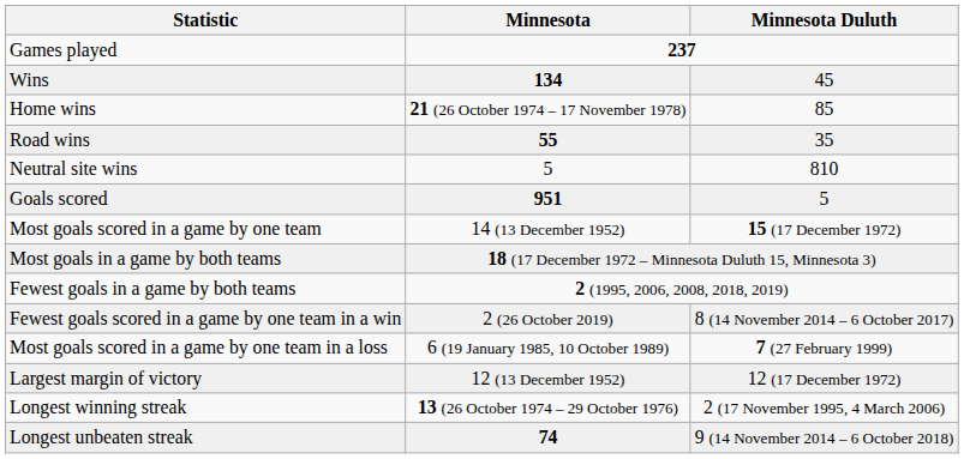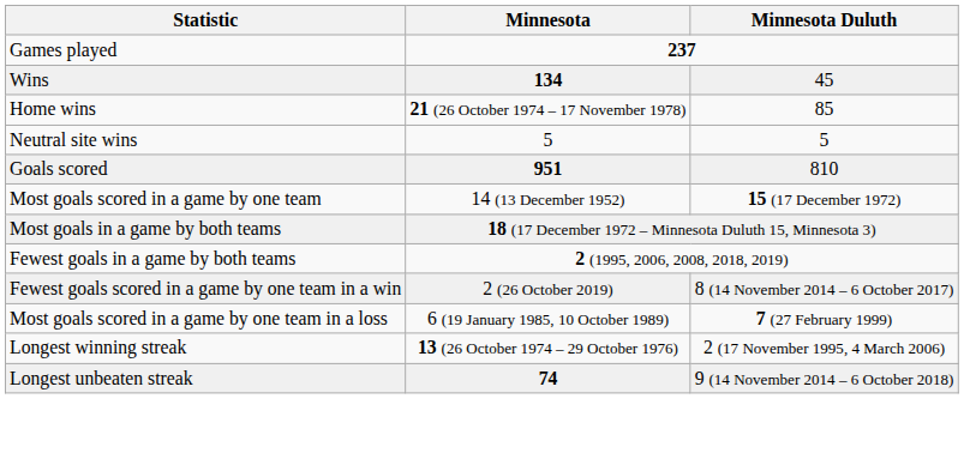 <table class="wikitable">
 <tr>
 <th>Statistic</th>
 <th>Minnesota</th>
 <th>Minnesota Duluth</th>
 </tr>
 <tr>
 <td>Games played</td>
 <td align=center colspan=2><strong>237</strong></td>
 </tr>
 <tr bgcolor=f0f0f0>
 <td>Wins</td>
 <td align=center><strong>134</strong></td>
 <td align=center>45</td>
 </tr>
 <tr>
 <td>Home wins</td>
 <td align=center><strong>21</strong> <small>(26 October 1974 – 17 November 1978)</small></td>
 <td align=center>85</td>
 </tr>
-<tr bgcolor=f0f0f0>
-<td>Road wins</td>
-<td align=center><strong>55</strong></td>
-<td align=center>35</td>
-</tr>
 <tr>
 <td>Neutral site wins</td>
 <td align=center>5</td>
-<td align=center>810</td>
+<td align=center>5</td>
 </tr>
 <tr bgcolor=f0f0f0>
 <td>Goals scored</td>
 <td align=center><strong>951</strong></td>
-<td align=center>5</td>
+<td align=center>810</td>
 </tr>
 <tr>
 <td>Most goals scored in a game by one team</td>
 <td align=center>14 <small>(13 December 1952)</small></td>
 <td align=center><strong>15</strong> <small>(17 December 1972)</small></td>
 </tr>
 <tr bgcolor=f0f0f0>
 <td>Most goals in a game by both teams</td>
 <td align=center colspan=2><strong>18</strong> <small>(17 December 1972 – Minnesota Duluth 15, Minnesota 3)</small></td>
 </tr>
 <tr>
 <td>Fewest goals in a game by both teams</td>
 <td align=center colspan=2><strong>2</strong> <small>(1995, 2006, 2008, 2018, 2019)</small></td>
 </tr>
 <tr bgcolor=f0f0f0>
 <td>Fewest goals scored in a game by one team in a win</td>
 <td align=center>2 <small>(26 October 2019)</small></td>
 <td align=center>8 <small>(14 November 2014 – 6 October 2017)</small></td>
 </tr>
 <tr>
 <td>Most goals scored in a game by one team in a loss</td>
 <td align=center>6 <small>(19 January 1985, 10 October 1989)</small></td>
 <td align=center><strong>7</strong> <small>(27 February 1999)</small></td>
 </tr>
-<tr bgcolor=f0f0f0>
-<td>Largest margin of victory</td>
-<td align=center>12 <small>(13 December 1952)</small></td>
-<td align=center>12 <small>(17 December 1972)</small></td>
-</tr>
 <tr>
 <td>Longest winning streak</td>
 <td align=center><strong>13</strong> <small>(26 October 1974 – 29 October 1976)</small></td>
 <td align=center>2 <small>(17 November 1995, 4 March 2006)</small></td>
 </tr>
 <tr bgcolor=f0f0f0>
 <td>Longest unbeaten streak</td>
 <td align=center><strong>74</strong></td>
 <td align=center>9 <small>(14 November 2014 – 6 October 2018)</small></td>
 </tr>
 </table>
